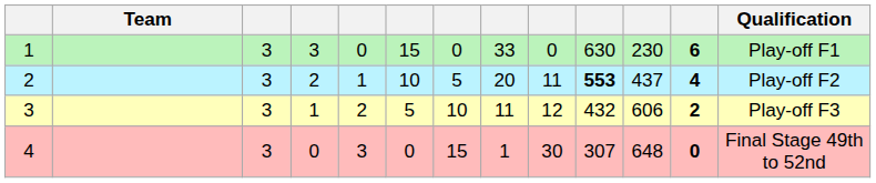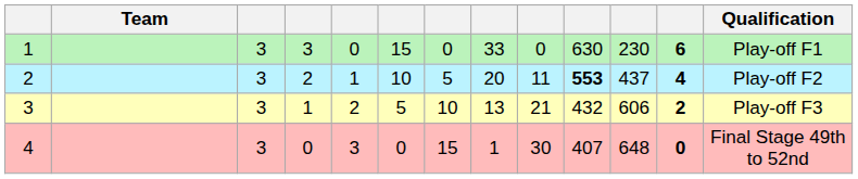 <table class=wikitable style="text-align:center" width=730>
 <tr>
 <th width=5.5%></th>
 <th width=22%>Team</th>
 <th width=5.5%></th>
 <th width=5.5%></th>
 <th width=5.5%></th>
 <th width=5.5%></th>
 <th width=5.5%></th>
 <th width=5.5%></th>
 <th width=5.5%></th>
 <th width=5.5%></th>
 <th width=5.5%></th>
 <th width=5.5%></th>
 <th width=18%>Qualification</th>
 </tr>
 <tr bgcolor=#bbf3bb>
 <td>1</td>
 <td style="text-align:left"></td>
 <td>3</td>
 <td>3</td>
 <td>0</td>
 <td>15</td>
 <td>0</td>
 <td>33</td>
 <td>0</td>
 <td>630</td>
 <td>230</td>
 <td><strong>6</strong></td>
 <td>Play-off F1</td>
 </tr>
 <tr bgcolor=#bbf3ff>
 <td>2</td>
 <td style="text-align:left"></td>
 <td>3</td>
 <td>2</td>
 <td>1</td>
 <td>10</td>
 <td>5</td>
 <td>20</td>
 <td>11</td>
 <td><strong>553</strong></td>
 <td>437</td>
 <td><strong>4</strong></td>
 <td>Play-off F2</td>
 </tr>
 <tr bgcolor=#ffffbb>
 <td>3</td>
 <td style="text-align:left"></td>
 <td>3</td>
 <td>1</td>
 <td>2</td>
 <td>5</td>
 <td>10</td>
-<td>11</td>
-<td>12</td>
+<td>13</td>
+<td>21</td>
 <td>432</td>
 <td>606</td>
 <td><strong>2</strong></td>
 <td>Play-off F3</td>
 </tr>
 <tr bgcolor=#ffbbbb>
 <td>4</td>
 <td style="text-align:left"></td>
 <td>3</td>
 <td>0</td>
 <td>3</td>
 <td>0</td>
 <td>15</td>
 <td>1</td>
 <td>30</td>
-<td>307</td>
+<td>407</td>
 <td>648</td>
 <td><strong>0</strong></td>
 <td>Final Stage 49th to 52nd</td>
 </tr>
 </table>
